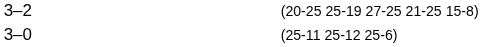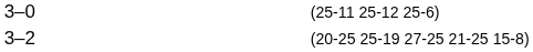 <table>
 <tr>
 <th width=200></th>
 <th width=80></th>
 <th width=200></th>
 <th width=220></th>
 </tr>
 <tr>
 <td align=right><strong></strong></td>
+<td align=center>3–0</td>
+<td></td>
+<td><small>(25-11 25-12 25-6)</small></td>
+</tr>
+<tr>
+<td align=right><strong></strong></td>
 <td align=center>3–2</td>
 <td></td>
 <td><small>(20-25 25-19 27-25 21-25 15-8)</small></td>
 </tr>
-<tr>
-<td align=right><strong></strong></td>
-<td align=center>3–0</td>
-<td></td>
-<td><small>(25-11 25-12 25-6)</small></td>
-</tr>
 </table>
